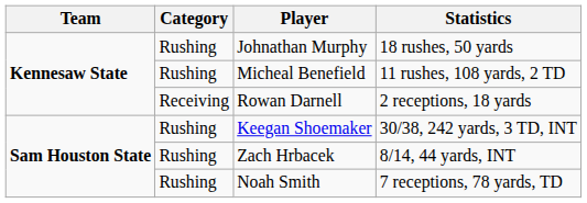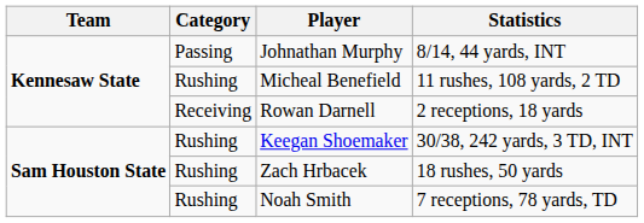 <table class="wikitable" style="float: right;">
 <tr>
 <th>Team</th>
 <th>Category</th>
 <th>Player</th>
 <th>Statistics</th>
 </tr>
 <tr>
 <td rowspan=3><strong>Kennesaw State</strong></td>
-<td>Rushing</td>
+<td>Passing</td>
 <td>Johnathan Murphy</td>
-<td>18 rushes, 50 yards</td>
+<td>8/14, 44 yards, INT</td>
 </tr>
 <tr>
 <td>Rushing</td>
 <td>Micheal Benefield</td>
 <td>11 rushes, 108 yards, 2 TD</td>
 </tr>
 <tr>
 <td>Receiving</td>
 <td>Rowan Darnell</td>
 <td>2 receptions, 18 yards</td>
 </tr>
 <tr>
 <td rowspan=3><strong>Sam Houston State</strong></td>
 <td>Rushing</td>
 <td><a href='#'>Keegan Shoemaker</a></td>
 <td>30/38, 242 yards, 3 TD, INT</td>
 </tr>
 <tr>
 <td>Rushing</td>
 <td>Zach Hrbacek</td>
-<td>8/14, 44 yards, INT</td>
+<td>18 rushes, 50 yards</td>
 </tr>
 <tr>
 <td>Rushing</td>
 <td>Noah Smith</td>
 <td>7 receptions, 78 yards, TD</td>
 </tr>
 </table>
